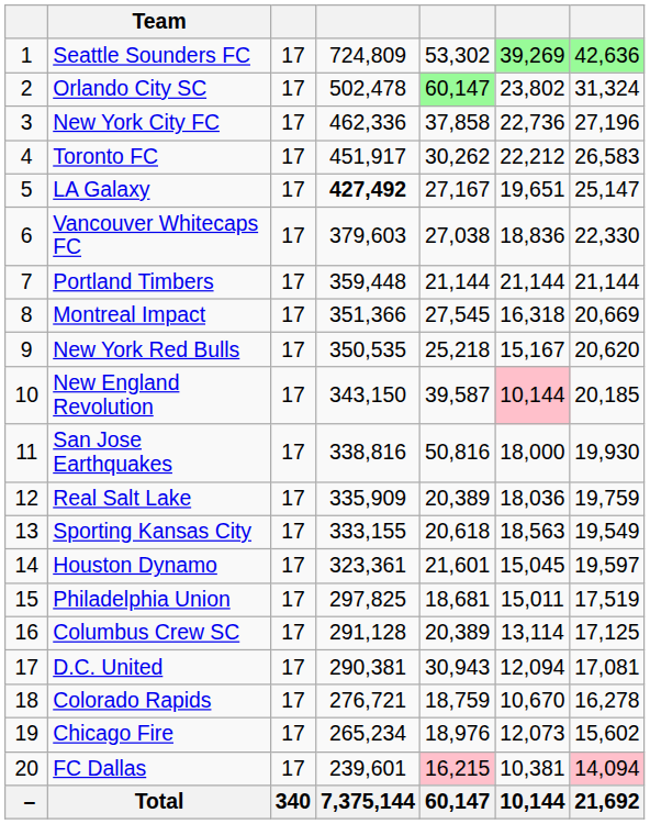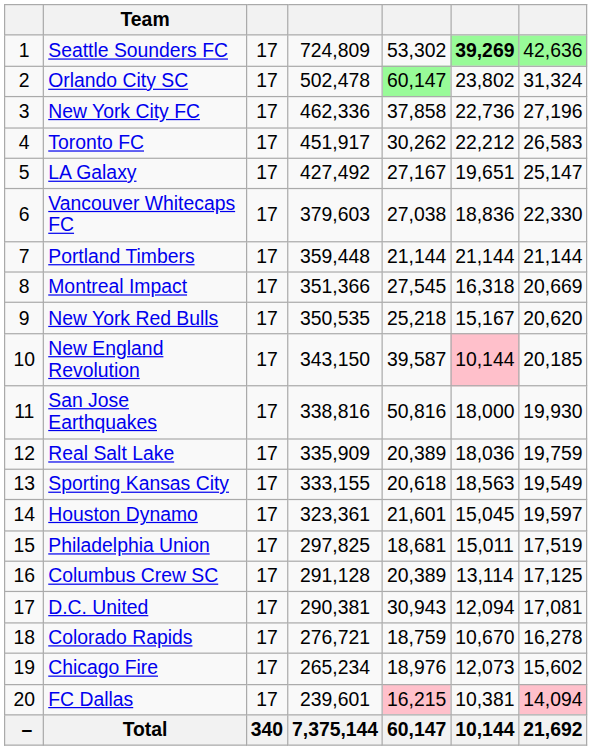 <table class="wikitable sortable">
 <tr>
 <th width=25></th>
 <th width=160>Team</th>
 <th></th>
 <th width=45></th>
 <th width=45></th>
 <th width=45></th>
 <th width=45><br></th>
 </tr>
 <tr>
 <td align=center>1</td>
 <td><a href='#'>Seattle Sounders FC</a></td>
 <td align=center>17</td>
 <td align=center>724,809</td>
 <td align=center>53,302</td>
-<td align=center bgcolor="#98FB98">39,269</td>
+<td align=center bgcolor="#98FB98"><strong>39,269</strong></td>
 <td align=center bgcolor="#98FB98">42,636</td>
 </tr>
 <tr>
 <td align=center>2</td>
 <td><a href='#'>Orlando City SC</a></td>
 <td align=center>17</td>
 <td align=center>502,478</td>
 <td align=center bgcolor="#98FB98">60,147</td>
 <td align=center>23,802</td>
 <td align=center>31,324</td>
 </tr>
 <tr>
 <td align=center>3</td>
 <td><a href='#'>New York City FC</a></td>
 <td align="center">17</td>
 <td align="center">462,336</td>
 <td align="center">37,858</td>
 <td align="center">22,736</td>
 <td align="center">27,196</td>
 </tr>
 <tr>
 <td align=center>4</td>
 <td><a href='#'>Toronto FC</a></td>
 <td align="center">17</td>
 <td align="center">451,917</td>
 <td align="center">30,262</td>
 <td align="center">22,212</td>
 <td align="center">26,583</td>
 </tr>
 <tr>
 <td align=center>5</td>
 <td><a href='#'>LA Galaxy</a></td>
 <td align=center>17</td>
-<td align=center><strong>427,492</strong></td>
+<td align=center>427,492</td>
 <td align=center>27,167</td>
 <td align=center>19,651</td>
 <td align=center>25,147</td>
 </tr>
 <tr>
 <td align=center>6</td>
 <td><a href='#'>Vancouver Whitecaps FC</a></td>
 <td align="center">17</td>
 <td align="center">379,603</td>
 <td align="center">27,038</td>
 <td align="center">18,836</td>
 <td align="center">22,330</td>
 </tr>
 <tr>
 <td align=center>7</td>
 <td><a href='#'>Portland Timbers</a></td>
 <td align="center">17</td>
 <td align="center">359,448</td>
 <td align="center">21,144</td>
 <td align="center">21,144</td>
 <td align="center">21,144</td>
 </tr>
 <tr>
 <td align=center>8</td>
 <td><a href='#'>Montreal Impact</a></td>
 <td align="center">17</td>
 <td align="center">351,366</td>
 <td align="center">27,545</td>
 <td align="center">16,318</td>
 <td align="center">20,669</td>
 </tr>
 <tr>
 <td align=center>9</td>
 <td><a href='#'>New York Red Bulls</a></td>
 <td align="center">17</td>
 <td align="center">350,535</td>
 <td align="center">25,218</td>
 <td align="center">15,167</td>
 <td align="center">20,620</td>
 </tr>
 <tr>
 <td align=center>10</td>
 <td><a href='#'>New England Revolution</a></td>
 <td align="center">17</td>
 <td align="center">343,150</td>
 <td align="center">39,587</td>
 <td bgcolor="#FFC0CB" align="center">10,144</td>
 <td align="center">20,185</td>
 </tr>
 <tr>
 <td align=center>11</td>
 <td><a href='#'>San Jose Earthquakes</a></td>
 <td align="center">17</td>
 <td align="center">338,816</td>
 <td align="center">50,816</td>
 <td align="center">18,000</td>
 <td align="center">19,930</td>
 </tr>
 <tr>
 <td align=center>12</td>
 <td><a href='#'>Real Salt Lake</a></td>
 <td align="center">17</td>
 <td align="center">335,909</td>
 <td align="center">20,389</td>
 <td align="center">18,036</td>
 <td align="center">19,759</td>
 </tr>
 <tr>
 <td align=center>13</td>
 <td><a href='#'>Sporting Kansas City</a></td>
 <td align="center">17</td>
 <td align="center">333,155</td>
 <td align="center">20,618</td>
 <td align="center">18,563</td>
 <td align="center">19,549</td>
 </tr>
 <tr>
 <td align=center>14</td>
 <td><a href='#'>Houston Dynamo</a></td>
 <td align="center">17</td>
 <td align="center">323,361</td>
 <td align="center">21,601</td>
 <td align="center">15,045</td>
 <td align="center">19,597</td>
 </tr>
 <tr>
 <td align=center>15</td>
 <td><a href='#'>Philadelphia Union</a></td>
 <td align="center">17</td>
 <td align="center">297,825</td>
 <td align="center">18,681</td>
 <td align="center">15,011</td>
 <td align="center">17,519</td>
 </tr>
 <tr>
 <td align=center>16</td>
 <td><a href='#'>Columbus Crew SC</a></td>
 <td align=center>17</td>
 <td align=center>291,128</td>
 <td align=center>20,389</td>
 <td align=center>13,114</td>
 <td align=center>17,125</td>
 </tr>
 <tr>
 <td align=center>17</td>
 <td><a href='#'>D.C. United</a></td>
 <td align="center">17</td>
 <td align="center">290,381</td>
 <td align="center">30,943</td>
 <td align="center">12,094</td>
 <td align="center">17,081</td>
 </tr>
 <tr>
 <td align=center>18</td>
 <td><a href='#'>Colorado Rapids</a></td>
 <td align="center">17</td>
 <td align="center">276,721</td>
 <td align="center">18,759</td>
 <td align="center">10,670</td>
 <td align="center">16,278</td>
 </tr>
 <tr>
 <td align=center>19</td>
 <td><a href='#'>Chicago Fire</a></td>
 <td align=center>17</td>
 <td align=center>265,234</td>
 <td align=center>18,976</td>
 <td align=center>12,073</td>
 <td align=center>15,602</td>
 </tr>
 <tr>
 <td align=center>20</td>
 <td><a href='#'>FC Dallas</a></td>
 <td align=center>17</td>
 <td align=center>239,601</td>
 <td align=center bgcolor="#FFC0CB">16,215</td>
 <td align=center>10,381</td>
 <td align=center  bgcolor="#FFC0CB">14,094</td>
 </tr>
 <tr>
 <th align=center> –</th>
 <th>Total</th>
 <th align=center>340</th>
 <th align=center>7,375,144</th>
 <th align=center>60,147</th>
 <th align=center>10,144</th>
 <th align=center>21,692</th>
 </tr>
 </table>
